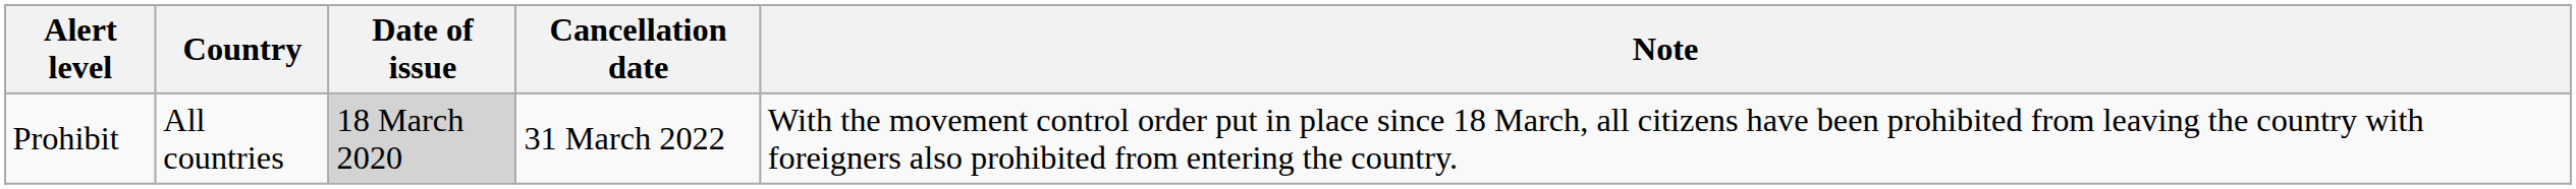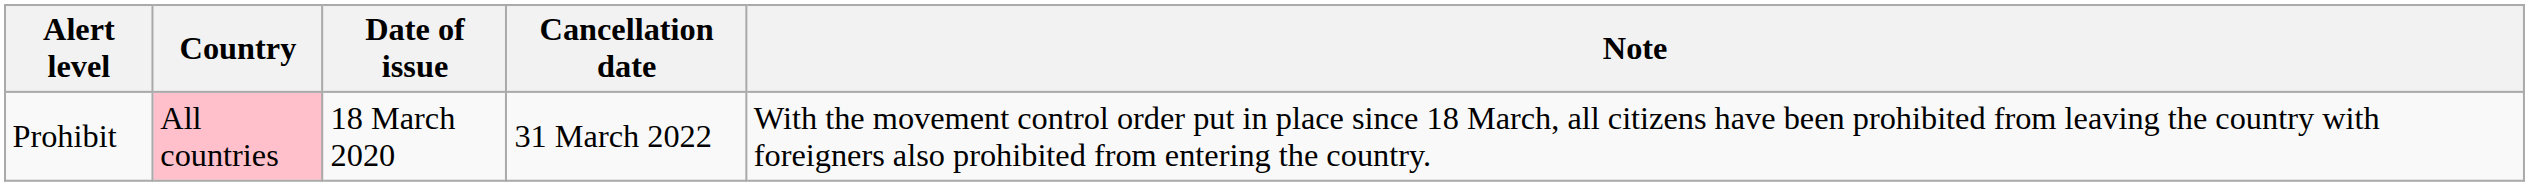 <table class="wikitable sortable">
 <tr>
 <th>Alert level</th>
 <th>Country</th>
 <th>Date of issue</th>
 <th>Cancellation date</th>
 <th>Note</th>
 </tr>
 <tr>
 <td>Prohibit</td>
-<td>All countries</td>
-<td style="background: lightgrey;"><span>18 March 2020</span></td>
+<td style="background: pink;">All countries</td>
+<td><span>18 March 2020</span></td>
 <td>31 March 2022</td>
 <td>With the movement control order put in place since 18 March, all citizens have been prohibited from leaving the country with foreigners also prohibited from entering the country.</td>
 </tr>
 </table>
